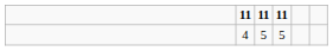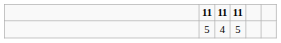 <table class="wikitable">
 <tr>
 <td style="width:18em"><strong></strong></td>
 <td align=center style="width:1em"><strong>11</strong></td>
 <td align=center style="width:1em"><strong>11</strong></td>
 <td align=center style="width:1em"><strong>11</strong></td>
 <td align=center style="width:1em"></td>
 <td align=center style="width:1em"></td>
 </tr>
 <tr>
 <td style="width:18em"></td>
+<td align=center style="width:1em">5</td>
 <td align=center style="width:1em">4</td>
-<td align=center style="width:1em">5</td>
 <td align=center style="width:1em">5</td>
 <td align=center style="width:1em"></td>
 <td align=center style="width:1em"></td>
 </tr>
 </table>
